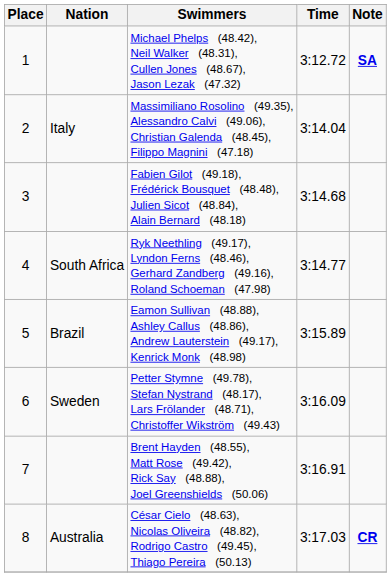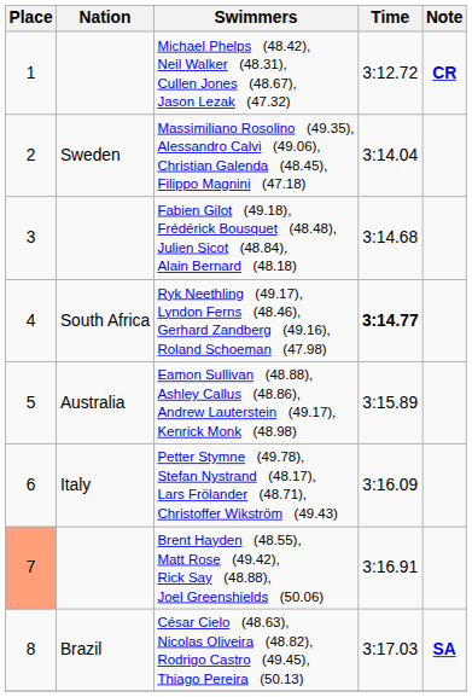 <table class="wikitable" style="text-align:center">
 <tr>
 <th>Place</th>
 <th>Nation</th>
 <th>Swimmers</th>
 <th>Time</th>
 <th>Note</th>
 </tr>
 <tr>
 <td>1</td>
 <td align=left></td>
 <td align=left><small><a href='#'>Michael Phelps</a>   (48.42),<br> <a href='#'>Neil Walker</a>   (48.31),<br> <a href='#'>Cullen Jones</a>   (48.67),<br> <a href='#'>Jason Lezak</a>   (47.32) </small></td>
 <td>3:12.72</td>
-<td><strong><a href='#'>SA</a></strong></td>
+<td><strong><a href='#'>CR</a></strong></td>
 </tr>
 <tr>
 <td>2</td>
-<td align=left> Italy</td>
+<td align=left> Sweden</td>
 <td align=left><small><a href='#'>Massimiliano Rosolino</a>   (49.35),<br> <a href='#'>Alessandro Calvi</a>   (49.06),<br> <a href='#'>Christian Galenda</a>   (48.45),<br> <a href='#'>Filippo Magnini</a>   (47.18) </small></td>
 <td>3:14.04</td>
 <td></td>
 </tr>
 <tr>
 <td>3</td>
 <td align=left></td>
 <td align=left><small><a href='#'>Fabien Gilot</a>   (49.18),<br> <a href='#'>Frédérick Bousquet</a>   (48.48),<br> <a href='#'>Julien Sicot</a>   (48.84),<br> <a href='#'>Alain Bernard</a>   (48.18) </small></td>
 <td>3:14.68</td>
 <td></td>
 </tr>
 <tr>
 <td>4</td>
 <td align=left> South Africa</td>
 <td align=left><small><a href='#'>Ryk Neethling</a>   (49.17),<br> <a href='#'>Lyndon Ferns</a>   (48.46),<br> <a href='#'>Gerhard Zandberg</a>   (49.16),<br> <a href='#'>Roland Schoeman</a>   (47.98) </small></td>
-<td>3:14.77</td>
+<td><strong>3:14.77</strong></td>
 <td></td>
 </tr>
 <tr>
 <td>5</td>
-<td align=left> Brazil</td>
+<td align=left> Australia</td>
 <td align=left><small><a href='#'>Eamon Sullivan</a>   (48.88),<br> <a href='#'>Ashley Callus</a>   (48.86),<br> <a href='#'>Andrew Lauterstein</a>   (49.17),<br> <a href='#'>Kenrick Monk</a>   (48.98) </small></td>
 <td>3:15.89</td>
 <td></td>
 </tr>
 <tr>
 <td>6</td>
-<td align=left> Sweden</td>
+<td align=left> Italy</td>
 <td align=left><small><a href='#'>Petter Stymne</a>   (49.78),<br> <a href='#'>Stefan Nystrand</a>   (48.17),<br> <a href='#'>Lars Frölander</a>   (48.71),<br> <a href='#'>Christoffer Wikström</a>   (49.43) </small></td>
 <td>3:16.09</td>
 <td></td>
 </tr>
 <tr>
-<td>7</td>
+<td style="background: lightsalmon;">7</td>
 <td align=left></td>
 <td align=left><small><a href='#'>Brent Hayden</a>   (48.55),<br> <a href='#'>Matt Rose</a>   (49.42),<br> <a href='#'>Rick Say</a>   (48.88),<br> <a href='#'>Joel Greenshields</a>   (50.06) </small></td>
 <td>3:16.91</td>
 <td></td>
 </tr>
 <tr>
 <td>8</td>
-<td align=left> Australia</td>
+<td align=left> Brazil</td>
 <td align=left><small><a href='#'>César Cielo</a>   (48.63),<br> <a href='#'>Nicolas Oliveira</a>   (48.82),<br> <a href='#'>Rodrigo Castro</a>   (49.45),<br> <a href='#'>Thiago Pereira</a>   (50.13) </small></td>
 <td>3:17.03</td>
-<td><strong><a href='#'>CR</a></strong></td>
+<td><strong><a href='#'>SA</a></strong></td>
 </tr>
 <tr>
 </tr>
 </table>
